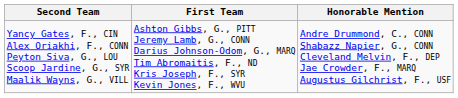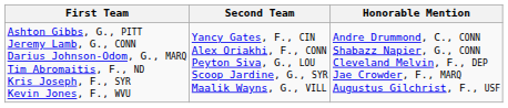 <table class="wikitable" style="white-space:nowrap; font-size:90%;">
 <tr>
+<th>First Team</th>
 <th>Second Team</th>
-<th>First Team</th>
 <th>Honorable Mention</th>
 </tr>
 <tr>
+<td><a href='#'>Ashton Gibbs</a>, G., <small>PITT</small><br><a href='#'>Jeremy Lamb</a>, G., <small>CONN</small><br><a href='#'>Darius Johnson-Odom</a>, G., <small>MARQ</small><br><a href='#'>Tim Abromaitis</a>, F., <small>ND</small><br><a href='#'>Kris Joseph</a>, F., <small>SYR</small><br><a href='#'>Kevin Jones</a>, F., <small>WVU</small></td>
 <td><a href='#'>Yancy Gates</a>, F., <small>CIN</small><br><a href='#'>Alex Oriakhi</a>, F., <small>CONN</small><br><a href='#'>Peyton Siva</a>, G., <small>LOU</small><br><a href='#'>Scoop Jardine</a>, G., <small>SYR</small><br><a href='#'>Maalik Wayns</a>, G., <small>VILL</small></td>
-<td><a href='#'>Ashton Gibbs</a>, G., <small>PITT</small><br><a href='#'>Jeremy Lamb</a>, G., <small>CONN</small><br><a href='#'>Darius Johnson-Odom</a>, G., <small>MARQ</small><br><a href='#'>Tim Abromaitis</a>, F., <small>ND</small><br><a href='#'>Kris Joseph</a>, F., <small>SYR</small><br><a href='#'>Kevin Jones</a>, F., <small>WVU</small></td>
 <td><a href='#'>Andre Drummond</a>, C., <small>CONN</small><br><a href='#'>Shabazz Napier</a>, G., <small>CONN</small><br><a href='#'>Cleveland Melvin</a>, F., <small>DEP</small><br><a href='#'>Jae Crowder</a>, F., <small>MARQ</small><br><a href='#'>Augustus Gilchrist</a>, F., <small>USF</small></td>
 </tr>
 </table>
